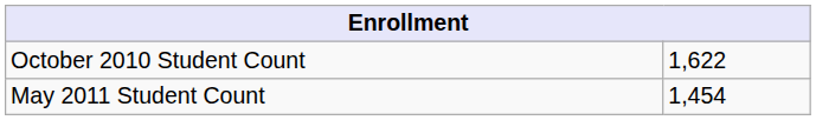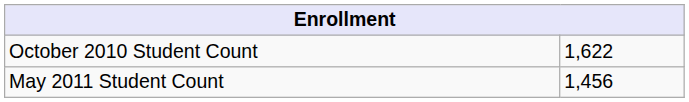 <table class="wikitable">
 <tr>
 <th colspan=2 style="background:Lavender; color: black; width: 550px; height: 10px; align:left">Enrollment</th>
 </tr>
 <tr>
 <td>October 2010 Student Count</td>
 <td>1,622</td>
 </tr>
 <tr>
 <td>May 2011 Student Count</td>
-<td>1,454</td>
+<td>1,456</td>
 </tr>
 </table>
